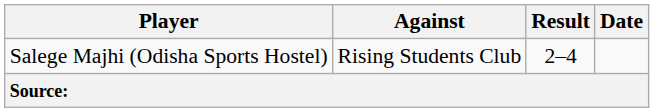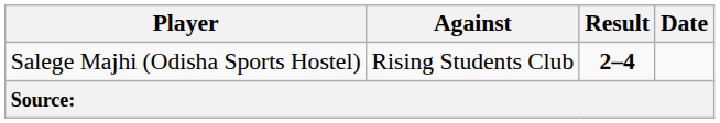 <table class="wikitable">
 <tr>
 <th>Player</th>
 <th>Against</th>
 <th>Result</th>
 <th>Date</th>
 </tr>
 <tr>
 <td> Salege Majhi (Odisha Sports Hostel)</td>
 <td>Rising Students Club</td>
-<td align="center">2–4</td>
+<td align="center"><strong>2–4</strong></td>
 <td></td>
 </tr>
 <tr>
 <th colspan="4" style="text-align:left;"><small>Source: </small></th>
 </tr>
 </table>
